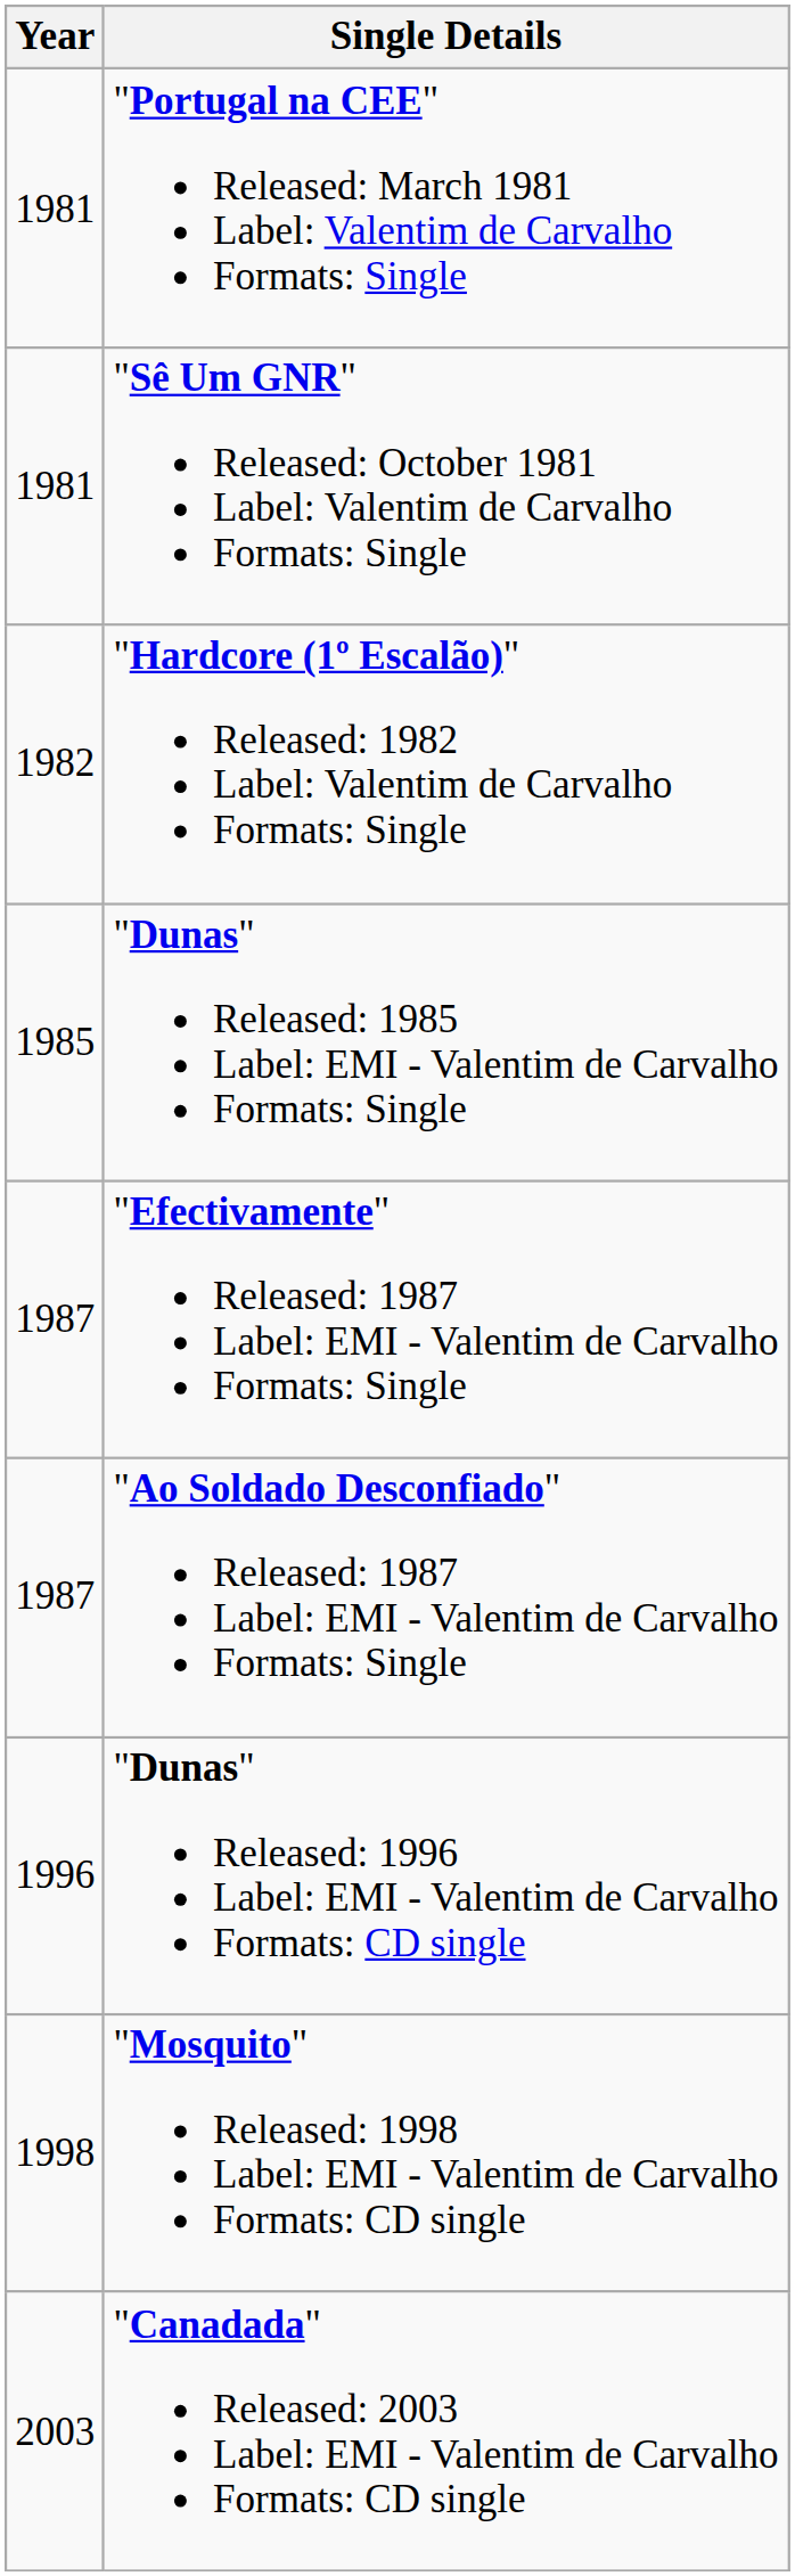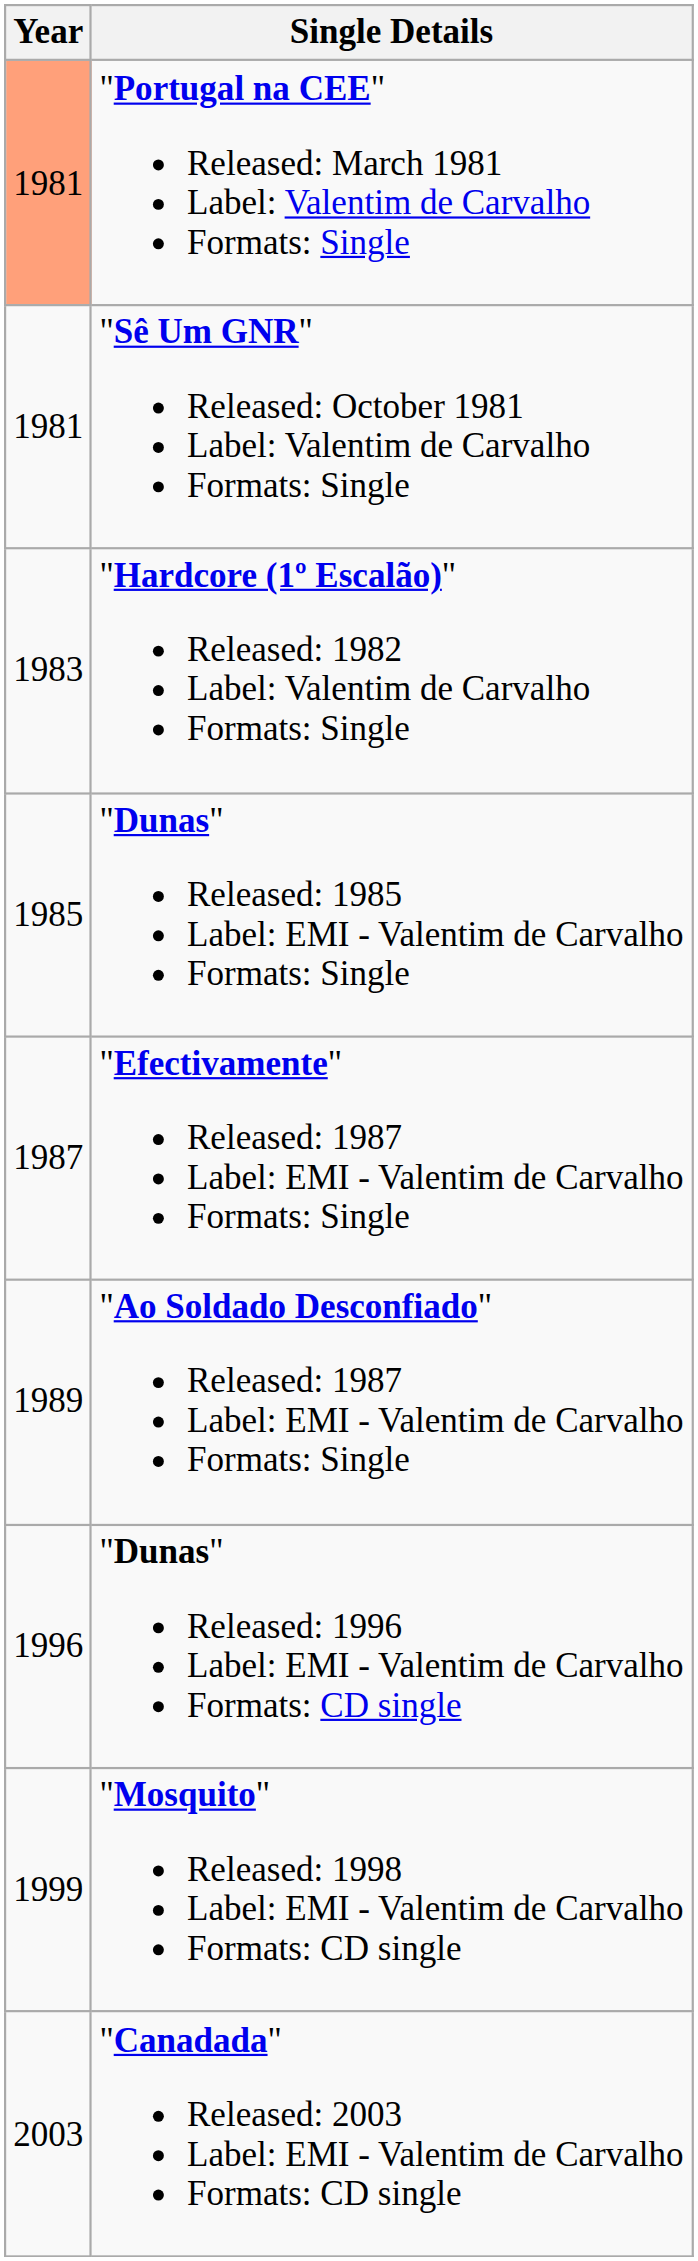 <table class="wikitable">
 <tr>
 <th>Year</th>
 <th>Single Details</th>
 </tr>
 <tr>
-<td>1981</td>
+<td style="background: lightsalmon;">1981</td>
 <td>"<strong><a href='#'>Portugal na CEE</a></strong>"<br><ul><li>Released: March 1981</li><li>Label: <a href='#'>Valentim de Carvalho</a></li><li>Formats: <a href='#'>Single</a></li></ul></td>
 </tr>
 <tr>
 <td>1981</td>
 <td>"<strong><a href='#'>Sê Um GNR</a></strong>"<br><ul><li>Released: October 1981</li><li>Label: Valentim de Carvalho</li><li>Formats: Single</li></ul></td>
 </tr>
 <tr>
-<td>1982</td>
+<td>1983</td>
 <td>"<strong><a href='#'>Hardcore (1º Escalão)</a></strong>"<br><ul><li>Released: 1982</li><li>Label: Valentim de Carvalho</li><li>Formats: Single</li></ul></td>
 </tr>
 <tr>
 <td>1985</td>
 <td>"<strong><a href='#'>Dunas</a></strong>"<br><ul><li>Released: 1985</li><li>Label: EMI - Valentim de Carvalho</li><li>Formats: Single</li></ul></td>
 </tr>
 <tr>
 <td>1987</td>
 <td>"<strong><a href='#'>Efectivamente</a></strong>"<br><ul><li>Released: 1987</li><li>Label: EMI - Valentim de Carvalho</li><li>Formats: Single</li></ul></td>
 </tr>
 <tr>
-<td>1987</td>
+<td>1989</td>
 <td>"<strong><a href='#'>Ao Soldado Desconfiado</a></strong>"<br><ul><li>Released: 1987</li><li>Label: EMI - Valentim de Carvalho</li><li>Formats: Single</li></ul></td>
 </tr>
 <tr>
 <td>1996</td>
 <td>"<strong>Dunas</strong>"<br><ul><li>Released: 1996</li><li>Label: EMI - Valentim de Carvalho</li><li>Formats: <a href='#'>CD single</a></li></ul></td>
 </tr>
 <tr>
-<td>1998</td>
+<td>1999</td>
 <td>"<strong><a href='#'>Mosquito</a></strong>"<br><ul><li>Released: 1998</li><li>Label: EMI - Valentim de Carvalho</li><li>Formats: CD single</li></ul></td>
 </tr>
 <tr>
 <td>2003</td>
 <td>"<strong><a href='#'>Canadada</a></strong>"<br><ul><li>Released: 2003</li><li>Label: EMI - Valentim de Carvalho</li><li>Formats: CD single</li></ul></td>
 </tr>
 </table>
